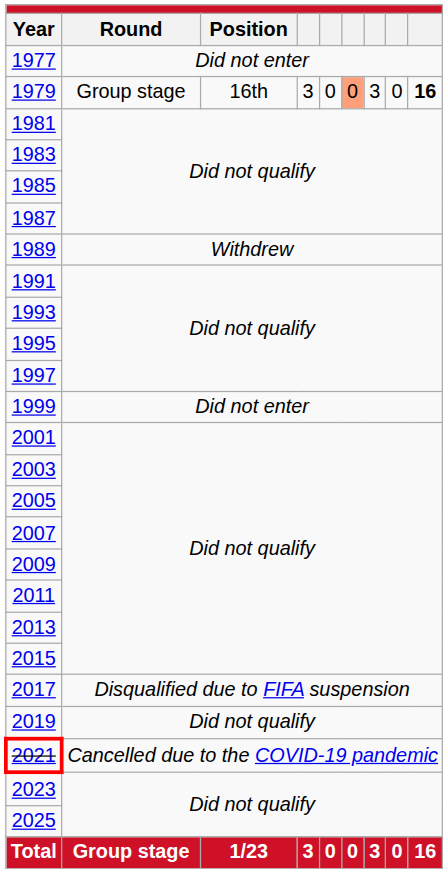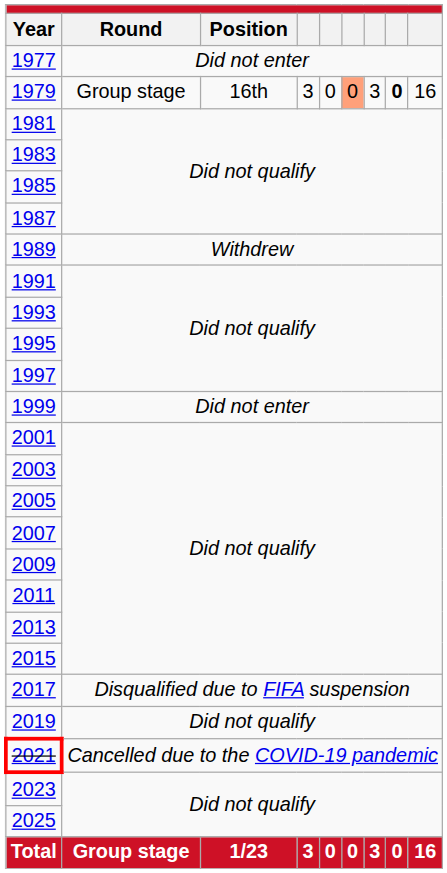 <table class="wikitable" style="text-align: center;">
 <tr>
 <th colspan=9 style="background: #CE1126; color: #FFFFFF;"><a href='#'></a></th>
 </tr>
 <tr>
 <th>Year</th>
 <th>Round</th>
 <th>Position</th>
 <th></th>
 <th></th>
 <th></th>
 <th></th>
 <th></th>
 <th></th>
 </tr>
 <tr>
 <td> <a href='#'>1977</a></td>
 <td colspan=8><em>Did not enter</em></td>
 </tr>
 <tr>
 <td> <a href='#'>1979</a></td>
 <td>Group stage</td>
 <td>16th</td>
 <td>3</td>
 <td>0</td>
 <td style="background: lightsalmon;">0</td>
 <td>3</td>
-<td>0</td>
-<td><strong>16</strong></td>
+<td><strong>0</strong></td>
+<td>16</td>
 </tr>
 <tr>
 <td> <a href='#'>1981</a></td>
 <td rowspan="4" colspan=8><em>Did not qualify</em></td>
 </tr>
 <tr>
 <td> <a href='#'>1983</a></td>
 </tr>
 <tr>
 <td> <a href='#'>1985</a></td>
 </tr>
 <tr>
 <td> <a href='#'>1987</a></td>
 </tr>
 <tr>
 <td> <a href='#'>1989</a></td>
 <td colspan=8><em>Withdrew</em></td>
 </tr>
 <tr>
 <td> <a href='#'>1991</a></td>
 <td rowspan="4" colspan=8><em>Did not qualify</em></td>
 </tr>
 <tr>
 <td> <a href='#'>1993</a></td>
 </tr>
 <tr>
 <td> <a href='#'>1995</a></td>
 </tr>
 <tr>
 <td> <a href='#'>1997</a></td>
 </tr>
 <tr>
 <td> <a href='#'>1999</a></td>
 <td colspan=8><em>Did not enter</em></td>
 </tr>
 <tr>
 <td> <a href='#'>2001</a></td>
 <td rowspan="8" colspan=8><em>Did not qualify</em></td>
 </tr>
 <tr>
 <td> <a href='#'>2003</a></td>
 </tr>
 <tr>
 <td> <a href='#'>2005</a></td>
 </tr>
 <tr>
 <td> <a href='#'>2007</a></td>
 </tr>
 <tr>
 <td> <a href='#'>2009</a></td>
 </tr>
 <tr>
 <td> <a href='#'>2011</a></td>
 </tr>
 <tr>
 <td> <a href='#'>2013</a></td>
 </tr>
 <tr>
 <td> <a href='#'>2015</a></td>
 </tr>
 <tr>
 <td> <a href='#'>2017</a></td>
 <td colspan=8><em>Disqualified due to <a href='#'>FIFA</a> suspension</em></td>
 </tr>
 <tr>
 <td> <a href='#'>2019</a></td>
 <td colspan=8><em>Did not qualify</em></td>
 </tr>
 <tr>
 <td style="border: 3px solid red"> <s><a href='#'>2021</a></s></td>
 <td colspan=8><em>Cancelled due to the <a href='#'>COVID-19 pandemic</a></em></td>
 </tr>
 <tr>
 <td> <a href='#'>2023</a></td>
 <td rowspan=2 colspan=8><em>Did not qualify</em></td>
 </tr>
 <tr>
 <td> <a href='#'>2025</a></td>
 </tr>
 <tr style="background: #CE1126; color: #FFFFFF;|">
 <td><strong>Total</strong></td>
 <td><strong>Group stage</strong></td>
 <td><strong>1/23</strong></td>
 <td><strong>3</strong></td>
 <td><strong>0</strong></td>
 <td><strong>0</strong></td>
 <td><strong>3</strong></td>
 <td><strong>0</strong></td>
 <td><strong>16</strong></td>
 </tr>
 </table>
